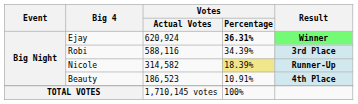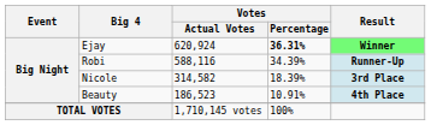 <table class="wikitable" style="text align:center; font-size:90%; line-height:14px;" width="40%">
 <tr>
 <th rowspan=2 width="20%">Event</th>
 <th rowspan=2 width="25%">Big 4</th>
 <th colspan=2 width="30%">Votes</th>
 <th rowspan=2 width="30%">Result</th>
 </tr>
 <tr>
 <th width="25%">Actual Votes</th>
 <th width="05%">Percentage</th>
 </tr>
 <tr>
 <th rowspan=4>Big Night</th>
 <td>Ejay</td>
 <td>620,924</td>
 <td><strong>36.31%</strong></td>
 <td align="center" bgcolor="#73FB76"><strong>Winner</strong></td>
 </tr>
 <tr>
 <td>Robi</td>
 <td>588,116</td>
 <td>34.39%</td>
-<td align="center" bgcolor="#D1E8EF"><strong>3rd Place</strong></td>
+<td align="center" bgcolor="#D1E8EF"><strong>Runner-Up</strong></td>
 </tr>
 <tr>
 <td>Nicole</td>
 <td>314,582</td>
-<td style="background: khaki;">18.39%</td>
-<td align="center" bgcolor="#D1E8EF"><strong>Runner-Up</strong></td>
+<td>18.39%</td>
+<td align="center" bgcolor="#D1E8EF"><strong>3rd Place</strong></td>
 </tr>
 <tr>
 <td>Beauty</td>
 <td>186,523</td>
 <td>10.91%</td>
 <td align="center" bgcolor="#D1E8EF"><strong>4th Place</strong></td>
 </tr>
 <tr>
 </tr>
 <tr>
 <th colspan=2>TOTAL VOTES</th>
 <td>1,710,145 votes</td>
 <td>100%</td>
 <td></td>
 </tr>
 </table>
